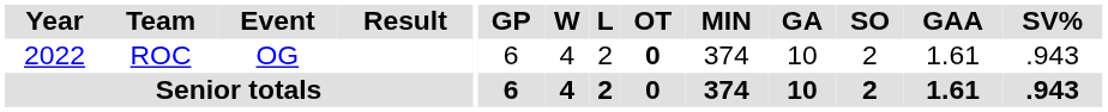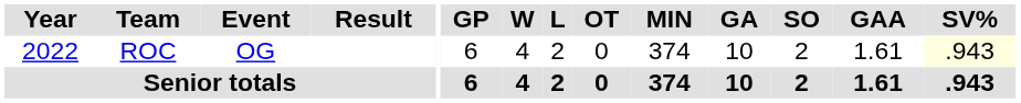 <table border="0" cellpadding="1" cellspacing="0" ID="Table3" style="text-align:center; width:40em">
 <tr ALIGN="center" bgcolor="#e0e0e0">
 <th>Year</th>
 <th>Team</th>
 <th>Event</th>
 <th>Result</th>
 <th rowspan="99" bgcolor="#ffffff"></th>
 <th>GP</th>
 <th>W</th>
 <th>L</th>
 <th>OT</th>
 <th>MIN</th>
 <th>GA</th>
 <th>SO</th>
 <th>GAA</th>
 <th>SV%</th>
 </tr>
 <tr ALIGN="center">
 <td><a href='#'>2022</a></td>
 <td><a href='#'>ROC</a></td>
 <td><a href='#'>OG</a></td>
 <td></td>
 <td>6</td>
 <td>4</td>
 <td>2</td>
-<td><strong>0</strong></td>
+<td>0</td>
 <td>374</td>
 <td>10</td>
 <td>2</td>
 <td>1.61</td>
-<td>.943</td>
+<td style="background: lightyellow;">.943</td>
 </tr>
 <tr ALIGN="center" bgcolor="#e0e0e0">
 <th colspan="4" align="center">Senior totals</th>
 <th>6</th>
 <th>4</th>
 <th>2</th>
 <th>0</th>
 <th>374</th>
 <th>10</th>
 <th>2</th>
 <th>1.61</th>
 <th>.943</th>
 </tr>
 </table>
